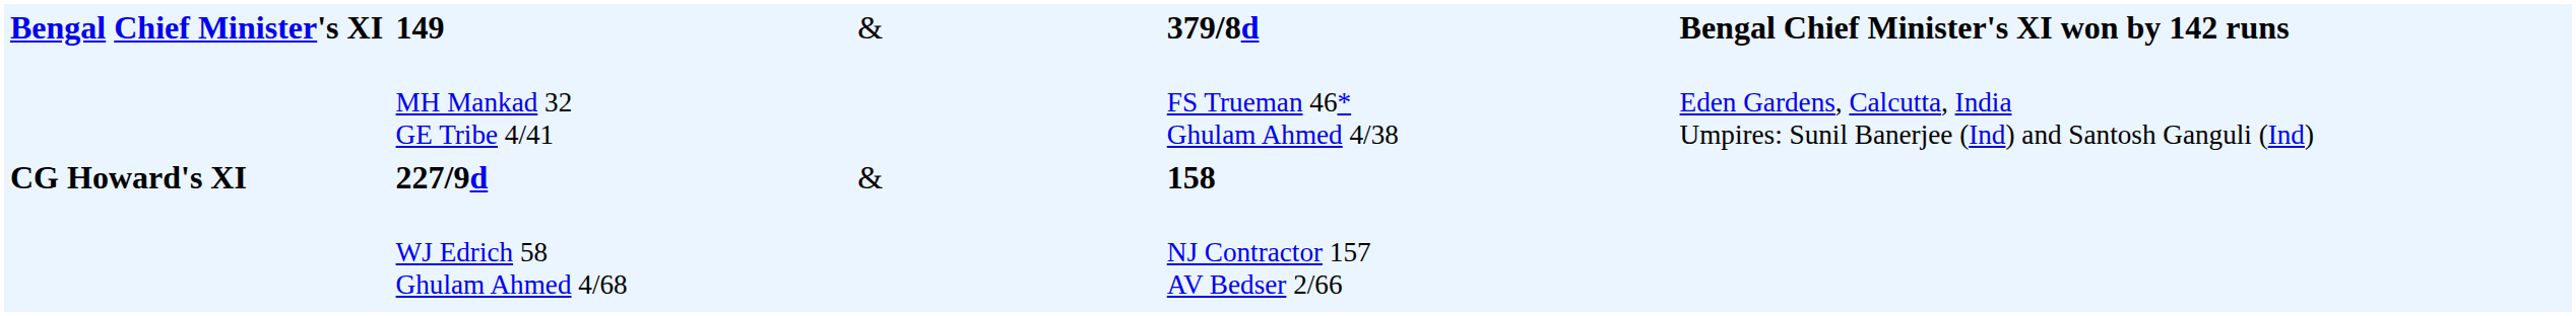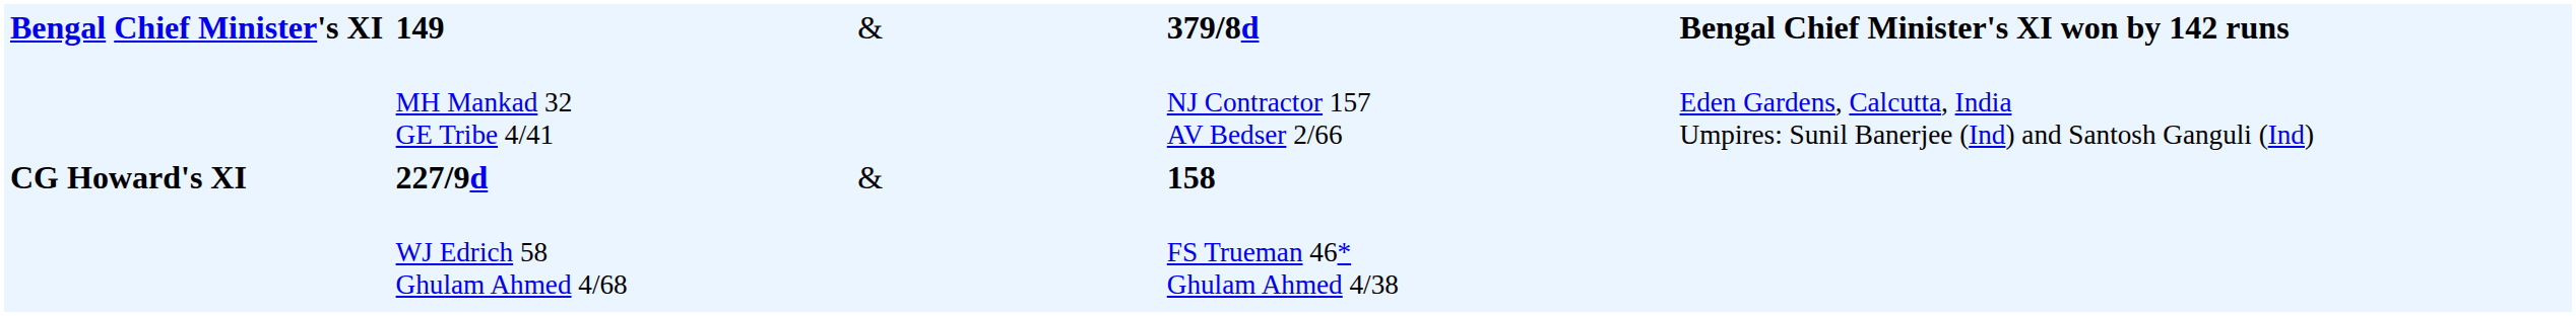 <table width="100%" style="background: #EBF5FF">
 <tr>
 <td width="15%" valign="top" rowspan="2"><strong><a href='#'>Bengal</a> <a href='#'>Chief Minister</a>'s XI</strong></td>
 <td width="18%"><strong>149</strong></td>
 <td width="12%">&</td>
 <td width="20%"><strong>379/8<a href='#'>d</a></strong></td>
 <td width="35%"><strong>Bengal Chief Minister's XI won by 142 runs</strong></td>
 </tr>
 <tr>
 <td style="font-size: 85%;" valign="top"><br><a href='#'>MH Mankad</a> 32<br> <a href='#'>GE Tribe</a> 4/41</td>
 <td></td>
-<td valign="top" style="font-size: 85%;"><br><a href='#'>FS Trueman</a> 46<a href='#'>*</a><br> <a href='#'>Ghulam Ahmed</a> 4/38</td>
+<td style="font-size: 85%;"><br><a href='#'>NJ Contractor</a> 157<br> <a href='#'>AV Bedser</a> 2/66</td>
 <td valign="top" style="font-size: 85%;" rowspan="3"><br><a href='#'>Eden Gardens</a>, <a href='#'>Calcutta</a>, <a href='#'>India</a><br> Umpires: Sunil Banerjee (<a href='#'>Ind</a>) and Santosh Ganguli (<a href='#'>Ind</a>)<br></td>
 </tr>
 <tr>
 <td valign="top" rowspan="2"><strong>CG Howard's XI</strong></td>
 <td><strong>227/9<a href='#'>d</a></strong></td>
 <td>&</td>
 <td><strong>158</strong></td>
 </tr>
 <tr>
 <td style="font-size: 85%;"><br><a href='#'>WJ Edrich</a> 58<br> <a href='#'>Ghulam Ahmed</a> 4/68</td>
 <td></td>
-<td style="font-size: 85%;"><br><a href='#'>NJ Contractor</a> 157<br> <a href='#'>AV Bedser</a> 2/66</td>
+<td valign="top" style="font-size: 85%;"><br><a href='#'>FS Trueman</a> 46<a href='#'>*</a><br> <a href='#'>Ghulam Ahmed</a> 4/38</td>
 </tr>
 <tr>
 </tr>
 </table>
